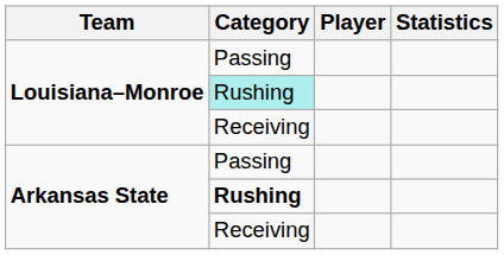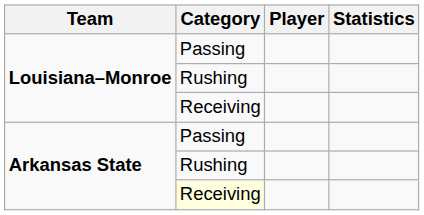 <table class="wikitable" style="float: left;">
 <tr>
 <th>Team</th>
 <th>Category</th>
 <th>Player</th>
 <th>Statistics</th>
 </tr>
 <tr>
 <td rowspan=3><strong>Louisiana–Monroe</strong></td>
 <td>Passing</td>
 <td></td>
 <td></td>
 </tr>
 <tr>
-<td style="background: paleturquoise;">Rushing</td>
+<td>Rushing</td>
 <td></td>
 <td></td>
 </tr>
 <tr>
 <td>Receiving</td>
 <td></td>
 <td></td>
 </tr>
 <tr>
 <td rowspan=3><strong>Arkansas State</strong></td>
 <td>Passing</td>
 <td></td>
 <td></td>
 </tr>
 <tr>
-<td><strong>Rushing</strong></td>
+<td>Rushing</td>
 <td></td>
 <td></td>
 </tr>
 <tr>
-<td>Receiving</td>
+<td style="background: lightyellow;">Receiving</td>
 <td></td>
 <td></td>
 </tr>
 </table>
